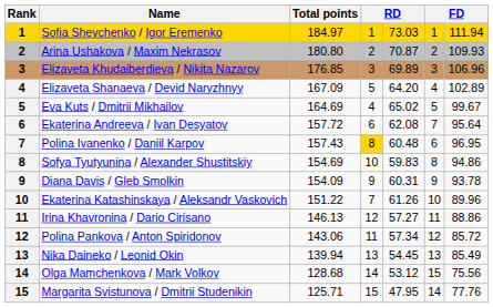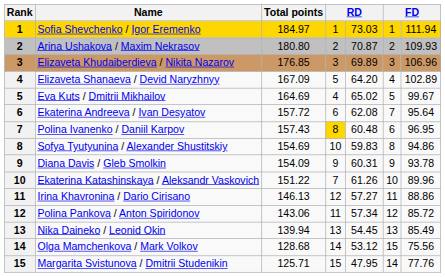 <table class="wikitable sortable">
 <tr>
 <th>Rank</th>
 <th>Name</th>
 <th>Total points</th>
 <th colspan="2" width="80px"><a href='#'>RD</a></th>
 <th colspan="2" width="80px"><a href='#'>FD</a></th>
 </tr>
 <tr bgcolor="gold">
 <td align="center"><strong>1</strong></td>
 <td><a href='#'>Sofia Shevchenko</a> / <a href='#'>Igor Eremenko</a></td>
 <td align="center">184.97</td>
 <td align="center">1</td>
 <td align="center">73.03</td>
 <td align="center">1</td>
 <td align="center">111.94</td>
 </tr>
 <tr bgcolor="silver">
 <td align="center"><strong>2</strong></td>
 <td><a href='#'>Arina Ushakova</a> / <a href='#'>Maxim Nekrasov</a></td>
 <td align="center">180.80</td>
 <td align="center">2</td>
 <td align="center">70.87</td>
 <td align="center">2</td>
 <td align="center">109.93</td>
 </tr>
 <tr bgcolor="cc9966">
 <td align="center"><strong>3</strong></td>
 <td><a href='#'>Elizaveta Khudaiberdieva</a> / <a href='#'>Nikita Nazarov</a></td>
 <td align="center">176.85</td>
 <td align="center">3</td>
 <td align="center">69.89</td>
 <td align="center">3</td>
 <td align="center">106.96</td>
 </tr>
 <tr>
 <th>4</th>
 <td><a href='#'>Elizaveta Shanaeva</a> / <a href='#'>Devid Naryzhnyy</a></td>
 <td align="center">167.09</td>
 <td align="center">5</td>
 <td align="center">64.20</td>
 <td align="center">4</td>
 <td align="center">102.89</td>
 </tr>
 <tr>
 <th>5</th>
 <td><a href='#'>Eva Kuts</a> / <a href='#'>Dmitrii Mikhailov</a></td>
 <td align="center">164.69</td>
 <td align="center">4</td>
 <td align="center">65.02</td>
 <td align="center">5</td>
 <td align="center">99.67</td>
 </tr>
 <tr>
 <th>6</th>
 <td><a href='#'>Ekaterina Andreeva</a> / <a href='#'>Ivan Desyatov</a></td>
 <td align="center">157.72</td>
 <td align="center">6</td>
 <td align="center">62.08</td>
 <td align="center">7</td>
 <td align="center">95.64</td>
 </tr>
 <tr>
 <th>7</th>
 <td><a href='#'>Polina Ivanenko</a> / <a href='#'>Daniil Karpov</a></td>
 <td align="center">157.43</td>
 <td align="center" style="background: gold;">8</td>
 <td align="center">60.48</td>
 <td align="center">6</td>
 <td align="center">96.95</td>
 </tr>
 <tr>
 <th>8</th>
 <td><a href='#'>Sofya Tyutyunina</a> / <a href='#'>Alexander Shustitskiy</a></td>
 <td align="center">154.69</td>
-<td align="center" style="background: lightyellow;">10</td>
+<td align="center">10</td>
 <td align="center">59.83</td>
 <td align="center">8</td>
 <td align="center">94.86</td>
 </tr>
 <tr>
 <th>9</th>
 <td><a href='#'>Diana Davis</a> / <a href='#'>Gleb Smolkin</a></td>
 <td align="center">154.09</td>
 <td align="center">9</td>
 <td align="center">60.31</td>
 <td align="center">9</td>
 <td align="center">93.78</td>
 </tr>
 <tr>
 <th>10</th>
 <td><a href='#'>Ekaterina Katashinskaya</a> / <a href='#'>Aleksandr Vaskovich</a></td>
 <td align="center">151.22</td>
 <td align="center">7</td>
 <td align="center">61.26</td>
 <td align="center">10</td>
 <td align="center">89.96</td>
 </tr>
 <tr>
 <th>11</th>
 <td><a href='#'>Irina Khavronina</a> / <a href='#'>Dario Cirisano</a></td>
 <td align="center">146.13</td>
 <td align="center">12</td>
 <td align="center">57.27</td>
 <td align="center">11</td>
 <td align="center">88.86</td>
 </tr>
 <tr>
 <th>12</th>
 <td><a href='#'>Polina Pankova</a> / <a href='#'>Anton Spiridonov</a></td>
 <td align="center">143.06</td>
 <td align="center">11</td>
 <td align="center">57.34</td>
 <td align="center">12</td>
 <td align="center">85.72</td>
 </tr>
 <tr>
 <th>13</th>
 <td><a href='#'>Nika Daineko</a> / <a href='#'>Leonid Okin</a></td>
 <td align="center">139.94</td>
 <td align="center">13</td>
 <td align="center">54.45</td>
 <td align="center">13</td>
 <td align="center">85.49</td>
 </tr>
 <tr>
 <th>14</th>
 <td><a href='#'>Olga Mamchenkova</a> / <a href='#'>Mark Volkov</a></td>
 <td align="center">128.68</td>
 <td align="center">14</td>
 <td align="center">53.12</td>
 <td align="center">15</td>
 <td align="center">75.56</td>
 </tr>
 <tr>
 <th>15</th>
 <td><a href='#'>Margarita Svistunova</a> / <a href='#'>Dmitrii Studenikin</a></td>
 <td align="center">125.71</td>
 <td align="center">15</td>
 <td align="center">47.95</td>
 <td align="center">14</td>
 <td align="center">77.76</td>
 </tr>
 </table>
